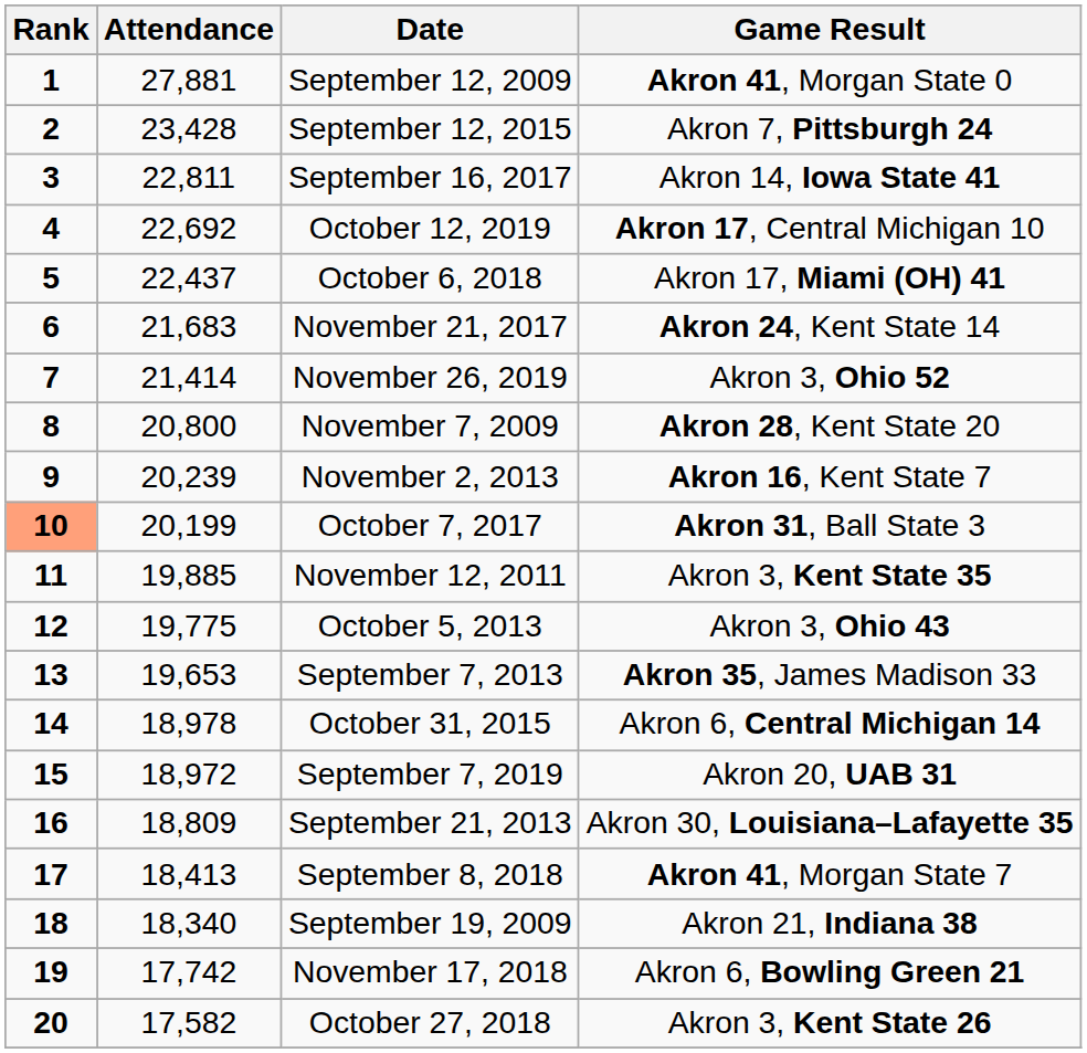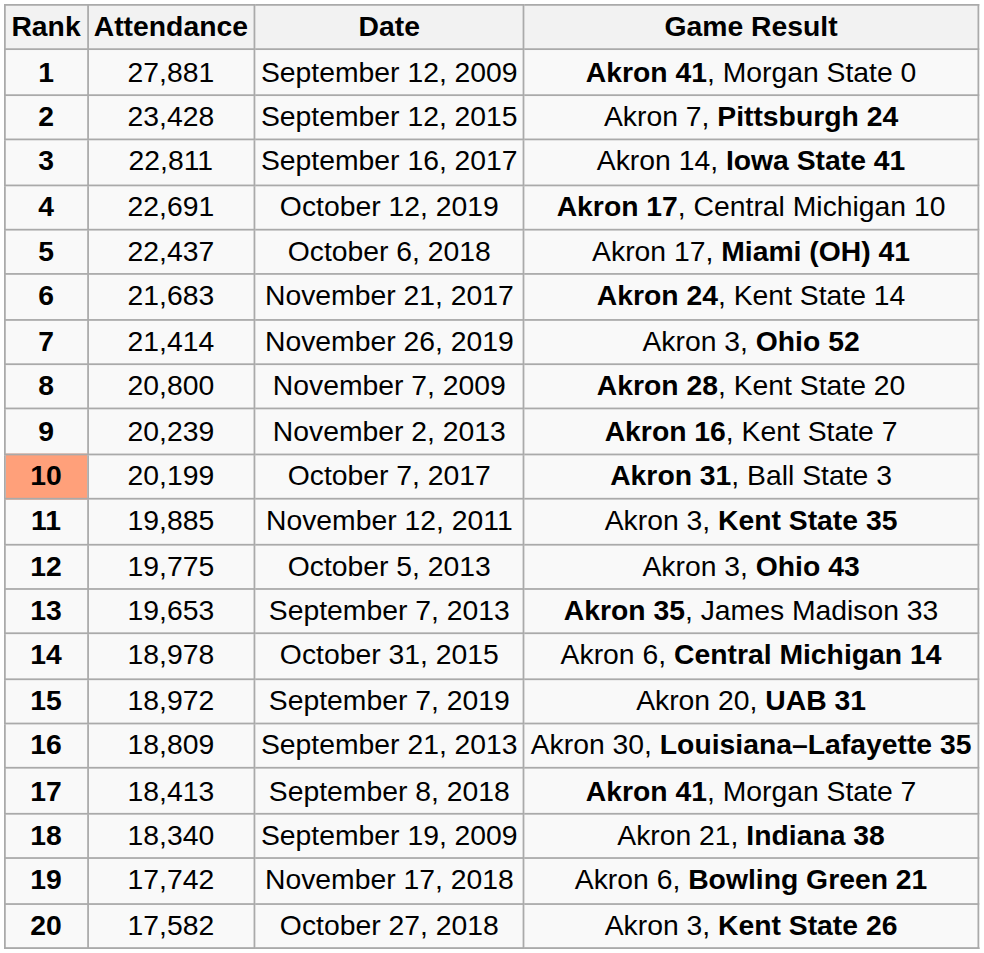 <table class="wikitable">
 <tr>
 <th>Rank</th>
 <th>Attendance</th>
 <th>Date</th>
 <th>Game Result</th>
 </tr>
 <tr align="center">
 <td><strong>1</strong></td>
 <td>27,881</td>
 <td>September 12, 2009</td>
 <td><strong>Akron 41</strong>, Morgan State 0</td>
 </tr>
 <tr align="center">
 <td><strong>2</strong></td>
 <td>23,428</td>
 <td>September 12, 2015</td>
 <td>Akron 7, <strong>Pittsburgh 24</strong></td>
 </tr>
 <tr align="center">
 <td><strong>3</strong></td>
 <td>22,811</td>
 <td>September 16, 2017</td>
 <td>Akron 14, <strong>Iowa State 41</strong></td>
 </tr>
 <tr align="center">
 <td><strong>4</strong></td>
-<td>22,692</td>
+<td>22,691</td>
 <td>October 12, 2019</td>
 <td><strong>Akron 17</strong>, Central Michigan 10</td>
 </tr>
 <tr align="center">
 <td><strong>5</strong></td>
 <td>22,437</td>
 <td>October 6, 2018</td>
 <td>Akron 17, <strong>Miami (OH) 41</strong></td>
 </tr>
 <tr align="center">
 <td><strong>6</strong></td>
 <td>21,683</td>
 <td>November 21, 2017</td>
 <td><strong>Akron 24</strong>, Kent State 14</td>
 </tr>
 <tr align="center">
 <td><strong>7</strong></td>
 <td>21,414</td>
 <td>November 26, 2019</td>
 <td>Akron 3, <strong>Ohio 52</strong></td>
 </tr>
 <tr align="center">
 <td><strong>8</strong></td>
 <td>20,800</td>
 <td>November 7, 2009</td>
 <td><strong>Akron 28</strong>, Kent State 20</td>
 </tr>
 <tr align="center">
 <td><strong>9</strong></td>
 <td>20,239</td>
 <td>November 2, 2013</td>
 <td><strong>Akron 16</strong>, Kent State 7</td>
 </tr>
 <tr align="center">
 <td style="background: lightsalmon;"><strong>10</strong></td>
 <td>20,199</td>
 <td>October 7, 2017</td>
 <td><strong>Akron 31</strong>, Ball State 3</td>
 </tr>
 <tr align="center">
 <td><strong>11</strong></td>
 <td>19,885</td>
 <td>November 12, 2011</td>
 <td>Akron 3, <strong>Kent State 35</strong></td>
 </tr>
 <tr align="center">
 <td><strong>12</strong></td>
 <td>19,775</td>
 <td>October 5, 2013</td>
 <td>Akron 3, <strong>Ohio 43</strong></td>
 </tr>
 <tr align="center">
 <td><strong>13</strong></td>
 <td>19,653</td>
 <td>September 7, 2013</td>
 <td><strong>Akron 35</strong>, James Madison 33</td>
 </tr>
 <tr align="center">
 <td><strong>14</strong></td>
 <td>18,978</td>
 <td>October 31, 2015</td>
 <td>Akron 6, <strong>Central Michigan 14</strong></td>
 </tr>
 <tr align="center">
 <td><strong>15</strong></td>
 <td>18,972</td>
 <td>September 7, 2019</td>
 <td>Akron 20, <strong>UAB 31</strong></td>
 </tr>
 <tr align="center">
 <td><strong>16</strong></td>
 <td>18,809</td>
 <td>September 21, 2013</td>
 <td>Akron 30, <strong>Louisiana–Lafayette 35</strong></td>
 </tr>
 <tr align="center">
 <td><strong>17</strong></td>
 <td>18,413</td>
 <td>September 8, 2018</td>
 <td><strong>Akron 41</strong>, Morgan State 7</td>
 </tr>
 <tr align="center">
 <td><strong>18</strong></td>
 <td>18,340</td>
 <td>September 19, 2009</td>
 <td>Akron 21, <strong>Indiana 38</strong></td>
 </tr>
 <tr align="center">
 <td><strong>19</strong></td>
 <td>17,742</td>
 <td>November 17, 2018</td>
 <td>Akron 6, <strong>Bowling Green 21</strong></td>
 </tr>
 <tr align="center">
 <td><strong>20</strong></td>
 <td>17,582</td>
 <td>October 27, 2018</td>
 <td>Akron 3, <strong>Kent State 26</strong></td>
 </tr>
 <tr align="center">
 </tr>
 <tr>
 </tr>
 </table>
